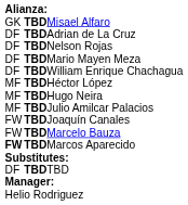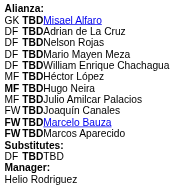 <table style="font-size: 90%" cellspacing="0" cellpadding="0" align=right>
 <tr>
 <td colspan="4"><strong>Alianza:</strong></td>
 </tr>
 <tr>
 <th width="25"></th>
 <th width="25"></th>
 </tr>
 <tr>
 <td>GK</td>
 <td><strong>TBD</strong></td>
 <td> <a href='#'>Misael Alfaro</a></td>
 </tr>
 <tr>
 <td>DF</td>
 <td><strong>TBD</strong></td>
 <td> Adrian de La Cruz</td>
 </tr>
 <tr>
 <td>DF</td>
 <td><strong>TBD</strong></td>
 <td> Nelson Rojas</td>
 </tr>
 <tr>
 <td>DF</td>
 <td><strong>TBD</strong></td>
 <td> Mario Mayen Meza</td>
 </tr>
 <tr>
 <td>DF</td>
 <td><strong>TBD</strong></td>
 <td> William Enrique Chachagua</td>
 </tr>
 <tr>
 <td>MF</td>
 <td><strong>TBD</strong></td>
 <td> Héctor López</td>
 </tr>
 <tr>
-<td>MF</td>
+<td><strong>MF</strong></td>
 <td><strong>TBD</strong></td>
 <td> Hugo Neira</td>
 </tr>
 <tr>
 <td>MF</td>
 <td><strong>TBD</strong></td>
 <td> Julio Amilcar Palacios</td>
 </tr>
 <tr>
 <td>FW</td>
 <td><strong>TBD</strong></td>
 <td> Joaquín Canales</td>
 </tr>
 <tr>
-<td>FW</td>
+<td><strong>FW</strong></td>
 <td><strong>TBD</strong></td>
 <td> <a href='#'>Marcelo Bauza</a></td>
 </tr>
 <tr>
 <td><strong>FW</strong></td>
 <td><strong>TBD</strong></td>
 <td> Marcos Aparecido</td>
 </tr>
 <tr>
 <td colspan=3><strong>Substitutes:</strong></td>
 </tr>
 <tr>
 <td>DF</td>
 <td><strong>TBD</strong></td>
 <td> TBD</td>
 </tr>
 <tr>
 <td colspan=3><strong>Manager:</strong></td>
 </tr>
 <tr>
 <td colspan=4> Helio Rodriguez</td>
 </tr>
 </table>
